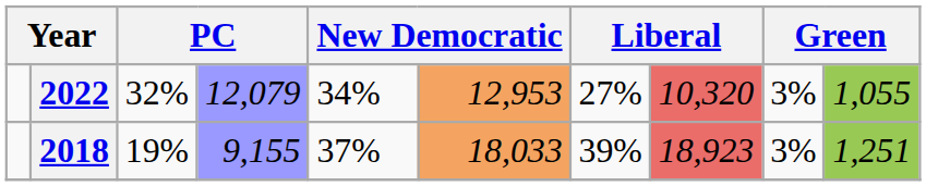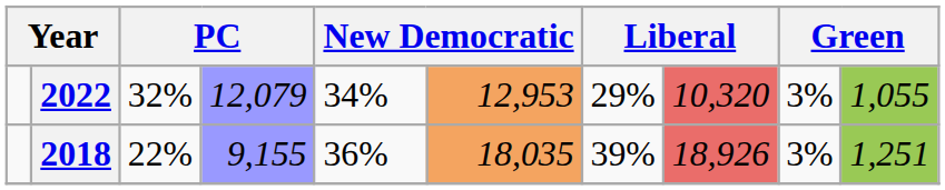 <table class="wikitable" style="float:right; width:400; font-size:90%; margin-left:1em;">
 <tr>
 <th colspan="2" scope="col">Year</th>
 <th colspan="2" scope="col"><a href='#'>PC</a></th>
 <th colspan="2" scope="col"><a href='#'>New Democratic</a></th>
 <th colspan="2" scope="col"><a href='#'>Liberal</a></th>
 <th colspan="2" scope="col"><a href='#'>Green</a></th>
 </tr>
 <tr>
 <td style="width: 0.25em; background-color: "></td>
 <th><a href='#'>2022</a></th>
 <td>32%</td>
 <td style="text-align:right; background:#9999FF;"><em>12,079</em></td>
 <td>34%</td>
 <td style="text-align:right; background:#F4A460;"><em>12,953</em></td>
-<td>27%</td>
+<td>29%</td>
 <td style="text-align:right; background:#EA6D6A;"><em>10,320</em></td>
 <td>3%</td>
 <td style="text-align:right; background:#99C955;"><em>1,055</em></td>
 </tr>
 <tr>
 <td style="width: 0.25em; background-color: "></td>
 <th><a href='#'>2018</a></th>
-<td>19%</td>
+<td>22%</td>
 <td style="text-align:right; background:#9999FF;"><em>9,155</em></td>
-<td>37%</td>
-<td style="text-align:right; background:#F4A460;"><em>18,033</em></td>
+<td>36%</td>
+<td style="text-align:right; background:#F4A460;"><em>18,035</em></td>
 <td>39%</td>
-<td style="text-align:right; background:#EA6D6A;"><em>18,923</em></td>
+<td style="text-align:right; background:#EA6D6A;"><em>18,926</em></td>
 <td>3%</td>
 <td style="text-align:right; background:#99C955;"><em>1,251</em></td>
 </tr>
 <tr>
 </tr>
 </table>
